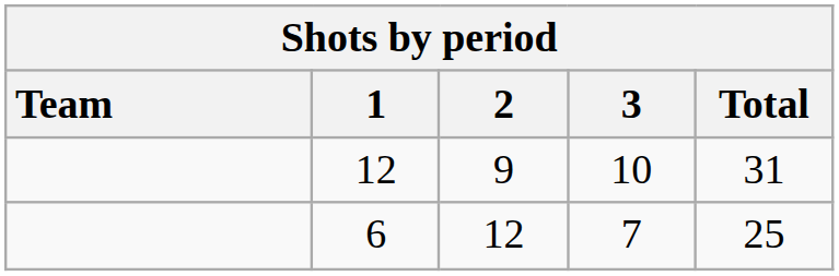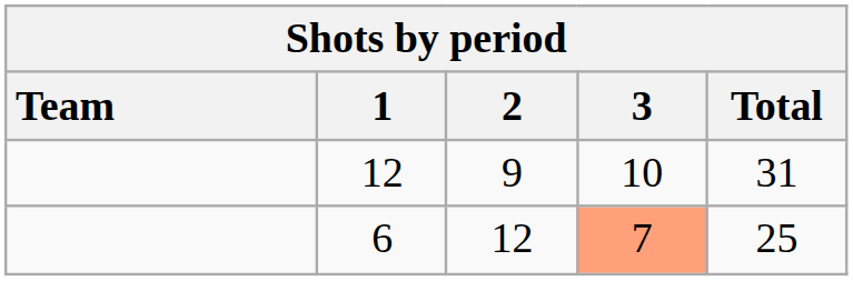 <table class="wikitable" style="width:20em; text-align:right;">
 <tr>
 <th colspan=5>Shots by period</th>
 </tr>
 <tr>
 <th style="width:8em; text-align:left;">Team</th>
 <th style="width:3em;">1</th>
 <th style="width:3em;">2</th>
 <th style="width:3em;">3</th>
 <th style="width:3em;">Total</th>
 </tr>
 <tr style="text-align:center;">
 <td style="text-align:left;"></td>
 <td>12</td>
 <td>9</td>
 <td>10</td>
 <td>31</td>
 </tr>
 <tr style="text-align:center;">
 <td style="text-align:left;"></td>
 <td>6</td>
 <td>12</td>
-<td>7</td>
+<td style="background: lightsalmon;">7</td>
 <td>25</td>
 </tr>
 </table>
